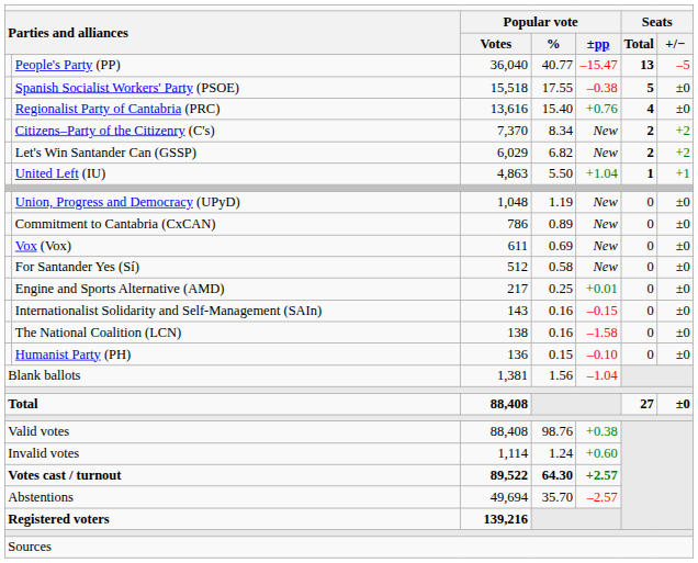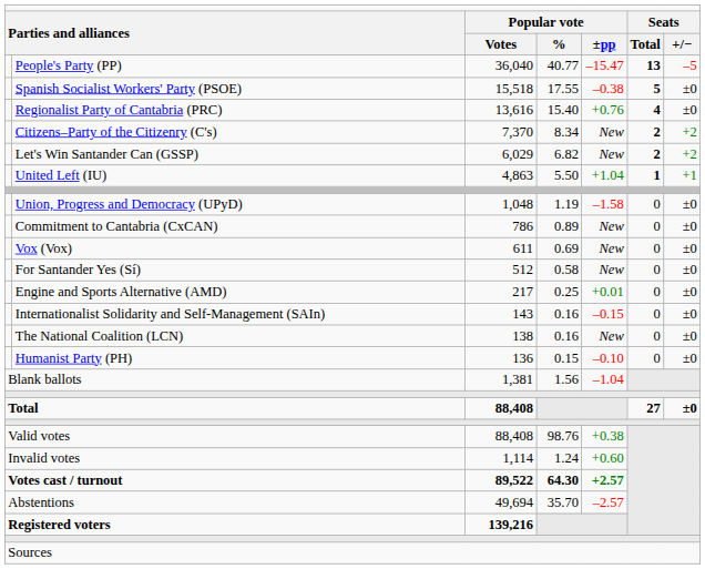 <table class="wikitable" style="text-align:right;">
 <tr>
 <td colspan="7"></td>
 </tr>
 <tr>
 <th style="text-align:left;" rowspan="2" colspan="2" width="525">Parties and alliances</th>
 <th colspan="3">Popular vote</th>
 <th colspan="2">Seats</th>
 </tr>
 <tr>
 <th width="75">Votes</th>
 <th width="45">%</th>
 <th width="45">±<a href='#'>pp</a></th>
 <th width="35">Total</th>
 <th width="35">+/−</th>
 </tr>
 <tr>
 <td width="1" style="color:inherit;background:"></td>
 <td align="left"><a href='#'>People's Party</a> (PP)</td>
 <td>36,040</td>
 <td>40.77</td>
 <td style="color:red;">–15.47</td>
 <td><strong>13</strong></td>
 <td style="color:red;">–5</td>
 </tr>
 <tr>
 <td style="color:inherit;background:"></td>
 <td align="left"><a href='#'>Spanish Socialist Workers' Party</a> (PSOE)</td>
 <td>15,518</td>
 <td>17.55</td>
 <td style="color:red;">–0.38</td>
 <td><strong>5</strong></td>
 <td>±0</td>
 </tr>
 <tr>
 <td style="color:inherit;background:"></td>
 <td align="left"><a href='#'>Regionalist Party of Cantabria</a> (PRC)</td>
 <td>13,616</td>
 <td>15.40</td>
 <td style="color:green;">+0.76</td>
 <td><strong>4</strong></td>
 <td>±0</td>
 </tr>
 <tr>
 <td style="color:inherit;background:"></td>
 <td align="left"><a href='#'>Citizens–Party of the Citizenry</a> (C's)</td>
 <td>7,370</td>
 <td>8.34</td>
 <td><em>New</em></td>
 <td><strong>2</strong></td>
 <td style="color:green;">+2</td>
 </tr>
 <tr>
 <td style="color:inherit;background:"></td>
 <td align="left">Let's Win Santander Can (GSSP)</td>
 <td>6,029</td>
 <td>6.82</td>
 <td><em>New</em></td>
 <td><strong>2</strong></td>
 <td style="color:green;">+2</td>
 </tr>
 <tr>
 <td style="color:inherit;background:"></td>
 <td align="left"><a href='#'>United Left</a> (IU)</td>
 <td>4,863</td>
 <td>5.50</td>
 <td style="color:green;">+1.04</td>
 <td><strong>1</strong></td>
 <td style="color:green;">+1</td>
 </tr>
 <tr>
 <td colspan="7" bgcolor="#C0C0C0"></td>
 </tr>
 <tr>
 <td style="color:inherit;background:"></td>
 <td align="left"><a href='#'>Union, Progress and Democracy</a> (UPyD)</td>
 <td>1,048</td>
 <td>1.19</td>
-<td><em>New</em></td>
+<td style="color:red;">–1.58</td>
 <td>0</td>
 <td>±0</td>
 </tr>
 <tr>
 <td style="color:inherit;background:"></td>
 <td align="left">Commitment to Cantabria (CxCAN)</td>
 <td>786</td>
 <td>0.89</td>
 <td><em>New</em></td>
 <td>0</td>
 <td>±0</td>
 </tr>
 <tr>
 <td style="color:inherit;background:"></td>
 <td align="left"><a href='#'>Vox</a> (Vox)</td>
 <td>611</td>
 <td>0.69</td>
 <td><em>New</em></td>
 <td>0</td>
 <td>±0</td>
 </tr>
 <tr>
 <td style="color:inherit;background:"></td>
 <td align="left">For Santander Yes (Sí)</td>
 <td>512</td>
 <td>0.58</td>
 <td><em>New</em></td>
 <td>0</td>
 <td>±0</td>
 </tr>
 <tr>
 <td style="color:inherit;background:"></td>
 <td align="left">Engine and Sports Alternative (AMD)</td>
 <td>217</td>
 <td>0.25</td>
 <td style="color:green;">+0.01</td>
 <td>0</td>
 <td>±0</td>
 </tr>
 <tr>
 <td style="color:inherit;background:"></td>
 <td align="left">Internationalist Solidarity and Self-Management (SAIn)</td>
 <td>143</td>
 <td>0.16</td>
 <td style="color:red;">–0.15</td>
 <td>0</td>
 <td>±0</td>
 </tr>
 <tr>
 <td style="color:inherit;background:"></td>
 <td align="left">The National Coalition (LCN)</td>
 <td>138</td>
 <td>0.16</td>
-<td style="color:red;">–1.58</td>
+<td><em>New</em></td>
 <td>0</td>
 <td>±0</td>
 </tr>
 <tr>
 <td style="color:inherit;background:"></td>
 <td align="left"><a href='#'>Humanist Party</a> (PH)</td>
 <td>136</td>
 <td>0.15</td>
 <td style="color:red;">–0.10</td>
 <td>0</td>
 <td>±0</td>
 </tr>
 <tr>
 <td align="left" colspan="2">Blank ballots</td>
 <td>1,381</td>
 <td>1.56</td>
 <td style="color:red;">–1.04</td>
 <td bgcolor="#E9E9E9" colspan="2"></td>
 </tr>
 <tr>
 <td colspan="7" bgcolor="#E9E9E9"></td>
 </tr>
 <tr style="font-weight:bold;">
 <td align="left" colspan="2">Total</td>
 <td>88,408</td>
 <td bgcolor="#E9E9E9" colspan="2"></td>
 <td>27</td>
 <td>±0</td>
 </tr>
 <tr>
 <td colspan="7" bgcolor="#E9E9E9"></td>
 </tr>
 <tr>
 <td align="left" colspan="2">Valid votes</td>
 <td>88,408</td>
 <td>98.76</td>
 <td style="color:green;">+0.38</td>
 <td bgcolor="#E9E9E9" colspan="2" rowspan="5"></td>
 </tr>
 <tr>
 <td align="left" colspan="2">Invalid votes</td>
 <td>1,114</td>
 <td>1.24</td>
 <td style="color:green;">+0.60</td>
 </tr>
 <tr style="font-weight:bold;">
 <td align="left" colspan="2">Votes cast / turnout</td>
 <td>89,522</td>
 <td>64.30</td>
 <td style="color:green;">+2.57</td>
 </tr>
 <tr>
 <td align="left" colspan="2">Abstentions</td>
 <td>49,694</td>
 <td>35.70</td>
 <td style="color:red;">–2.57</td>
 </tr>
 <tr style="font-weight:bold;">
 <td align="left" colspan="2">Registered voters</td>
 <td>139,216</td>
 <td bgcolor="#E9E9E9" colspan="2"></td>
 </tr>
 <tr>
 <td colspan="7" bgcolor="#E9E9E9"></td>
 </tr>
 <tr>
 <td align="left" colspan="7">Sources</td>
 </tr>
 </table>
